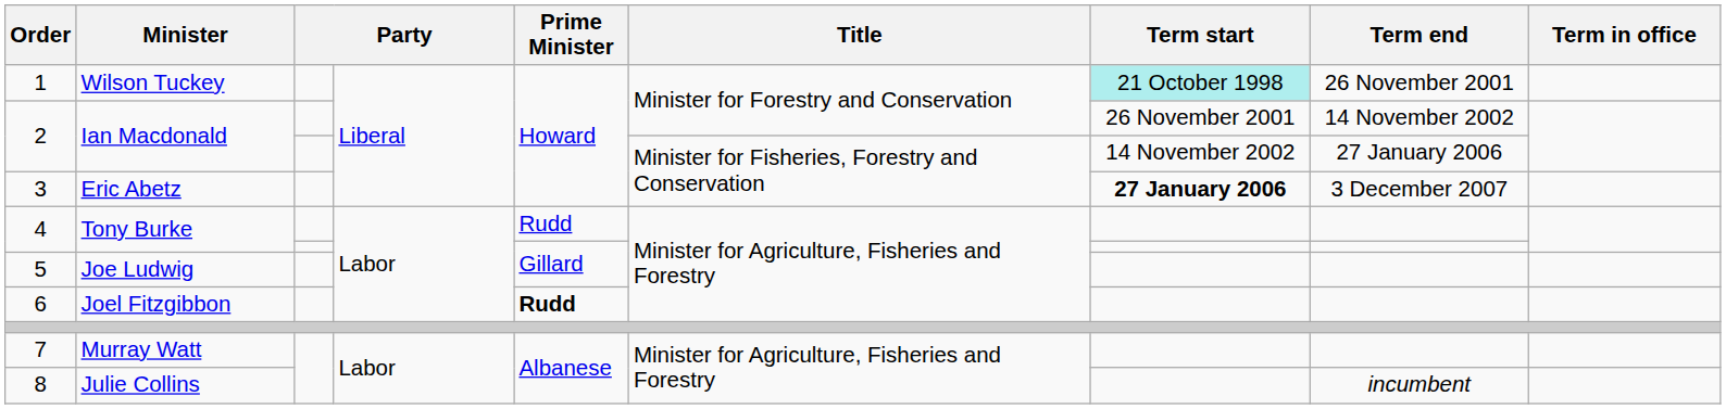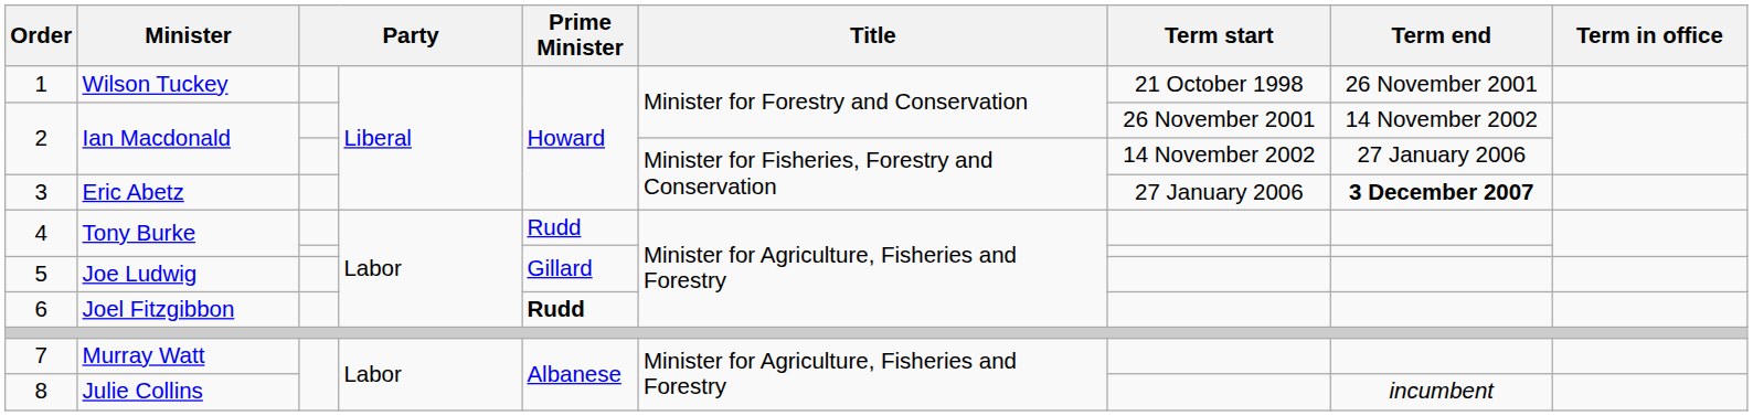 <table class="wikitable">
 <tr>
 <th width=5>Order</th>
 <th width=150>Minister</th>
 <th width=150 colspan="2">Party</th>
 <th width=75>Prime Minister</th>
 <th width=325>Title</th>
 <th width=150>Term start</th>
 <th width=150>Term end</th>
 <th width=130>Term in office</th>
 </tr>
 <tr>
 <td align=center>1</td>
 <td><a href='#'>Wilson Tuckey</a></td>
 <td> </td>
 <td rowspan=4><a href='#'>Liberal</a></td>
 <td rowspan=4><a href='#'>Howard</a></td>
 <td rowspan=2>Minister for Forestry and Conservation</td>
-<td align=center style="background: paleturquoise;">21 October 1998</td>
+<td align=center>21 October 1998</td>
 <td align=center>26 November 2001</td>
 <td align=right></td>
 </tr>
 <tr>
 <td rowspan=2 align=center>2</td>
 <td rowspan=2><a href='#'>Ian Macdonald</a></td>
 <td> </td>
 <td align=center>26 November 2001</td>
 <td align=center>14 November 2002</td>
 <td rowspan=2 align=right><strong></strong></td>
 </tr>
 <tr>
 <td> </td>
 <td rowspan=2>Minister for Fisheries, Forestry and Conservation</td>
 <td align=center>14 November 2002</td>
 <td align=center>27 January 2006</td>
 </tr>
 <tr>
 <td align=center>3</td>
 <td><a href='#'>Eric Abetz</a></td>
 <td> </td>
-<td align=center><strong>27 January 2006</strong></td>
-<td align=center>3 December 2007</td>
+<td align=center>27 January 2006</td>
+<td align=center><strong>3 December 2007</strong></td>
 <td align=right></td>
 </tr>
 <tr>
 <td rowspan=2 align=center>4</td>
 <td rowspan=2><a href='#'>Tony Burke</a></td>
 <td></td>
 <td rowspan=4>Labor</td>
 <td><a href='#'>Rudd</a></td>
 <td rowspan=4>Minister for Agriculture, Fisheries and Forestry</td>
 <td align=center></td>
 <td align=center></td>
 <td rowspan=2 align=right></td>
 </tr>
 <tr>
 <td></td>
 <td rowspan=2><a href='#'>Gillard</a></td>
 <td align=center></td>
 <td align=center></td>
 </tr>
 <tr>
 <td align=center>5</td>
 <td><a href='#'>Joe Ludwig</a></td>
 <td></td>
 <td align=center></td>
 <td align=center></td>
 <td align=right></td>
 </tr>
 <tr>
 <td align=center>6</td>
 <td><a href='#'>Joel Fitzgibbon</a></td>
 <td></td>
 <td><strong>Rudd</strong></td>
 <td align=center></td>
 <td align=center></td>
 <td align=right></td>
 </tr>
 <tr>
 <th colspan=9 style="background: #cccccc;"></th>
 </tr>
 <tr>
 <td align=center>7</td>
 <td><a href='#'>Murray Watt</a></td>
 <td rowspan=2 ></td>
 <td rowspan=2>Labor</td>
 <td rowspan=2><a href='#'>Albanese</a></td>
 <td rowspan=2>Minister for Agriculture, Fisheries and Forestry</td>
 <td align=center></td>
 <td align=center></td>
 <td align=right></td>
 </tr>
 <tr>
 <td align=center>8</td>
 <td><a href='#'>Julie Collins</a></td>
 <td align=center></td>
 <td align=center><em>incumbent</em></td>
 <td align=right></td>
 </tr>
 </table>
